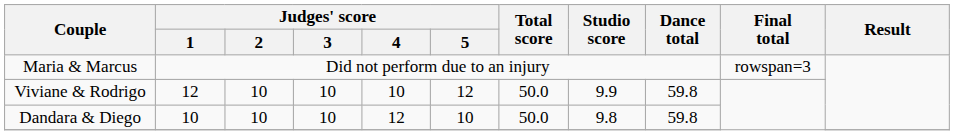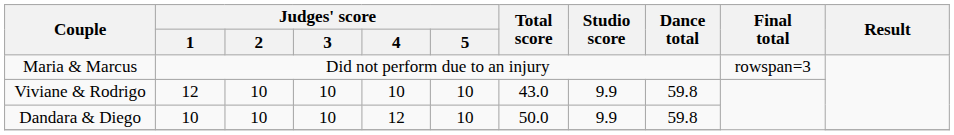 <table class="wikitable" style="font-size:100%; line-height:16px; text-align:center" width="100%">
 <tr>
 <th rowspan=2 width="11.0%">Couple</th>
 <th colspan=5 width="25.0%">Judges' score</th>
 <th rowspan=2 width="05.0%">Total<br>score</th>
 <th rowspan=2 width="05.0%">Studio<br>score</th>
 <th rowspan=2 width="05.0%">Dance<br>total</th>
 <th rowspan=2 width="05.0%">Final<br>total</th>
 <th rowspan=2 width="09.0%">Result</th>
 </tr>
 <tr>
 <th width="05.0%">1</th>
 <th width="05.0%">2</th>
 <th width="05.0%">3</th>
 <th width="05.0%">4</th>
 <th width="05.0%">5</th>
 </tr>
 <tr>
 <td>Maria & Marcus</td>
 <td colspan=8>Did not perform due to an injury</td>
 <td>rowspan=3 </td>
 <td rowspan=3></td>
 </tr>
 <tr>
 <td>Viviane & Rodrigo</td>
 <td>12</td>
 <td>10</td>
 <td>10</td>
 <td>10</td>
-<td>12</td>
-<td>50.0</td>
+<td>10</td>
+<td>43.0</td>
 <td>9.9</td>
 <td>59.8</td>
 </tr>
 <tr>
 <td>Dandara & Diego</td>
 <td>10</td>
 <td>10</td>
 <td>10</td>
 <td>12</td>
 <td>10</td>
 <td>50.0</td>
-<td>9.8</td>
+<td>9.9</td>
 <td>59.8</td>
 </tr>
 <tr>
 </tr>
 </table>
